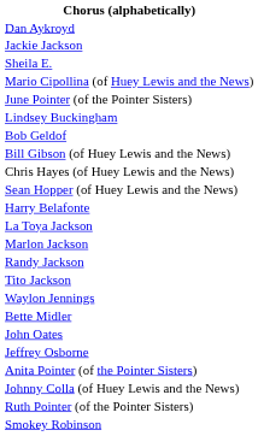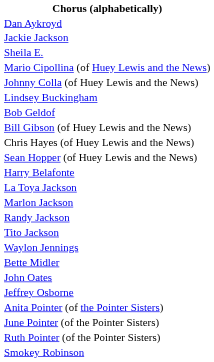 <table>
 <tr>
 <th>Chorus (alphabetically)</th>
 </tr>
 <tr>
 <td> <a href='#'>Dan Aykroyd</a></td>
 </tr>
 <tr>
 <td> <a href='#'>Jackie Jackson</a></td>
 </tr>
 <tr>
 <td> <a href='#'>Sheila E.</a></td>
 </tr>
 <tr>
 <td> <a href='#'>Mario Cipollina</a> (of <a href='#'>Huey Lewis and the News</a>)</td>
 </tr>
 <tr>
-<td> <a href='#'>June Pointer</a> (of the Pointer Sisters)</td>
+<td> <a href='#'>Johnny Colla</a> (of Huey Lewis and the News)</td>
 </tr>
 <tr>
 <td> <a href='#'>Lindsey Buckingham</a></td>
 </tr>
 <tr>
 <td> <a href='#'>Bob Geldof</a></td>
 </tr>
 <tr>
 <td> <a href='#'>Bill Gibson</a> (of Huey Lewis and the News)</td>
 </tr>
 <tr>
 <td> Chris Hayes (of Huey Lewis and the News)</td>
 </tr>
 <tr>
 <td> <a href='#'>Sean Hopper</a> (of Huey Lewis and the News)</td>
 </tr>
 <tr>
 <td> <a href='#'>Harry Belafonte</a></td>
 </tr>
 <tr>
 <td> <a href='#'>La Toya Jackson</a></td>
 </tr>
 <tr>
 <td> <a href='#'>Marlon Jackson</a></td>
 </tr>
 <tr>
 <td> <a href='#'>Randy Jackson</a></td>
 </tr>
 <tr>
 <td> <a href='#'>Tito Jackson</a></td>
 </tr>
 <tr>
 <td> <a href='#'>Waylon Jennings</a></td>
 </tr>
 <tr>
 <td> <a href='#'>Bette Midler</a></td>
 </tr>
 <tr>
 <td> <a href='#'>John Oates</a></td>
 </tr>
 <tr>
 <td> <a href='#'>Jeffrey Osborne</a></td>
 </tr>
 <tr>
 <td> <a href='#'>Anita Pointer</a> (of <a href='#'>the Pointer Sisters</a>)</td>
 </tr>
 <tr>
-<td> <a href='#'>Johnny Colla</a> (of Huey Lewis and the News)</td>
+<td> <a href='#'>June Pointer</a> (of the Pointer Sisters)</td>
 </tr>
 <tr>
 <td> <a href='#'>Ruth Pointer</a> (of the Pointer Sisters)</td>
 </tr>
 <tr>
 <td> <a href='#'>Smokey Robinson</a></td>
 </tr>
 <tr>
 </tr>
 </table>
